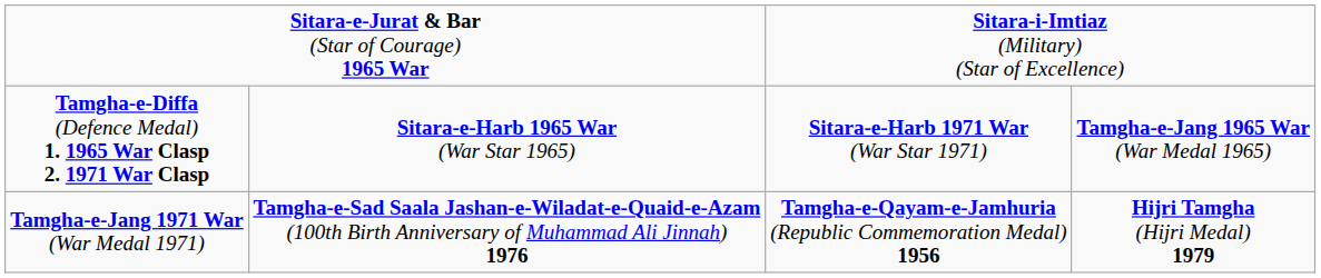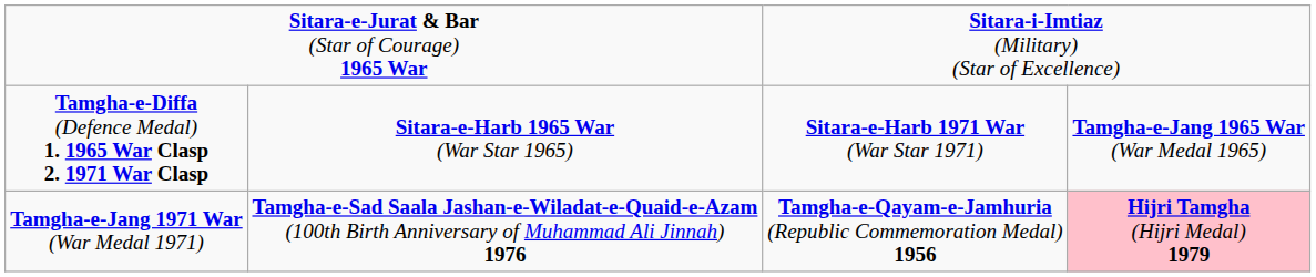 <table class="wikitable" style="margin:1em auto; text-align:center;">
 <tr>
 <td colspan="2"><strong><a href='#'>Sitara-e-Jurat</a> & Bar</strong><br><em>(Star of Courage)</em><br><strong><a href='#'>1965 War</a></strong></td>
 <td colspan="2"><strong><a href='#'>Sitara-i-Imtiaz</a></strong><br><em>(Military)</em><br><em>(Star of Excellence)</em></td>
 </tr>
 <tr>
 <td><strong><a href='#'>Tamgha-e-Diffa</a></strong><br><em>(Defence Medal)</em><br><strong>1. <a href='#'>1965 War</a> Clasp</strong><br><strong>2. <a href='#'>1971 War</a> Clasp</strong></td>
 <td><strong><a href='#'>Sitara-e-Harb 1965 War</a></strong><br><em>(War Star 1965)</em></td>
 <td><strong><a href='#'>Sitara-e-Harb 1971 War</a></strong><br><em>(War Star 1971)</em></td>
 <td><strong><a href='#'>Tamgha-e-Jang 1965 War</a></strong><br><em>(War Medal 1965)</em></td>
 </tr>
 <tr>
 <td><strong><a href='#'>Tamgha-e-Jang 1971 War</a></strong><br><em>(War Medal 1971)</em></td>
 <td><strong><a href='#'>Tamgha-e-Sad Saala Jashan-e-Wiladat-e-Quaid-e-Azam</a></strong><br><em>(100th Birth Anniversary of <a href='#'>Muhammad Ali Jinnah</a>)</em><br><strong>1976</strong></td>
 <td><strong><a href='#'>Tamgha-e-Qayam-e-Jamhuria</a></strong><br><em>(Republic Commemoration Medal)</em><br><strong>1956</strong></td>
-<td><strong><a href='#'>Hijri Tamgha</a></strong><br><em>(Hijri Medal)</em><br><strong>1979</strong></td>
+<td style="background: pink;"><strong><a href='#'>Hijri Tamgha</a></strong><br><em>(Hijri Medal)</em><br><strong>1979</strong></td>
 </tr>
 </table>
